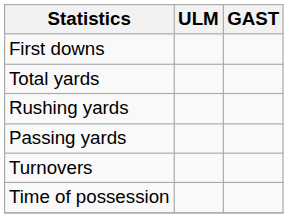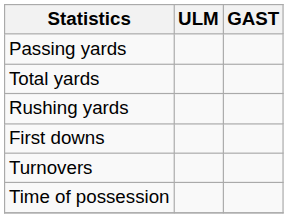 <table class="wikitable">
 <tr>
 <th>Statistics</th>
 <th>ULM</th>
 <th>GAST</th>
 </tr>
 <tr>
-<td>First downs</td>
+<td>Passing yards</td>
 <td></td>
 <td></td>
 </tr>
 <tr>
 <td>Total yards</td>
 <td></td>
 <td></td>
 </tr>
 <tr>
 <td>Rushing yards</td>
 <td></td>
 <td></td>
 </tr>
 <tr>
-<td>Passing yards</td>
+<td>First downs</td>
 <td></td>
 <td></td>
 </tr>
 <tr>
 <td>Turnovers</td>
 <td></td>
 <td></td>
 </tr>
 <tr>
 <td>Time of possession</td>
 <td></td>
 <td></td>
 </tr>
 <tr>
 </tr>
 </table>
